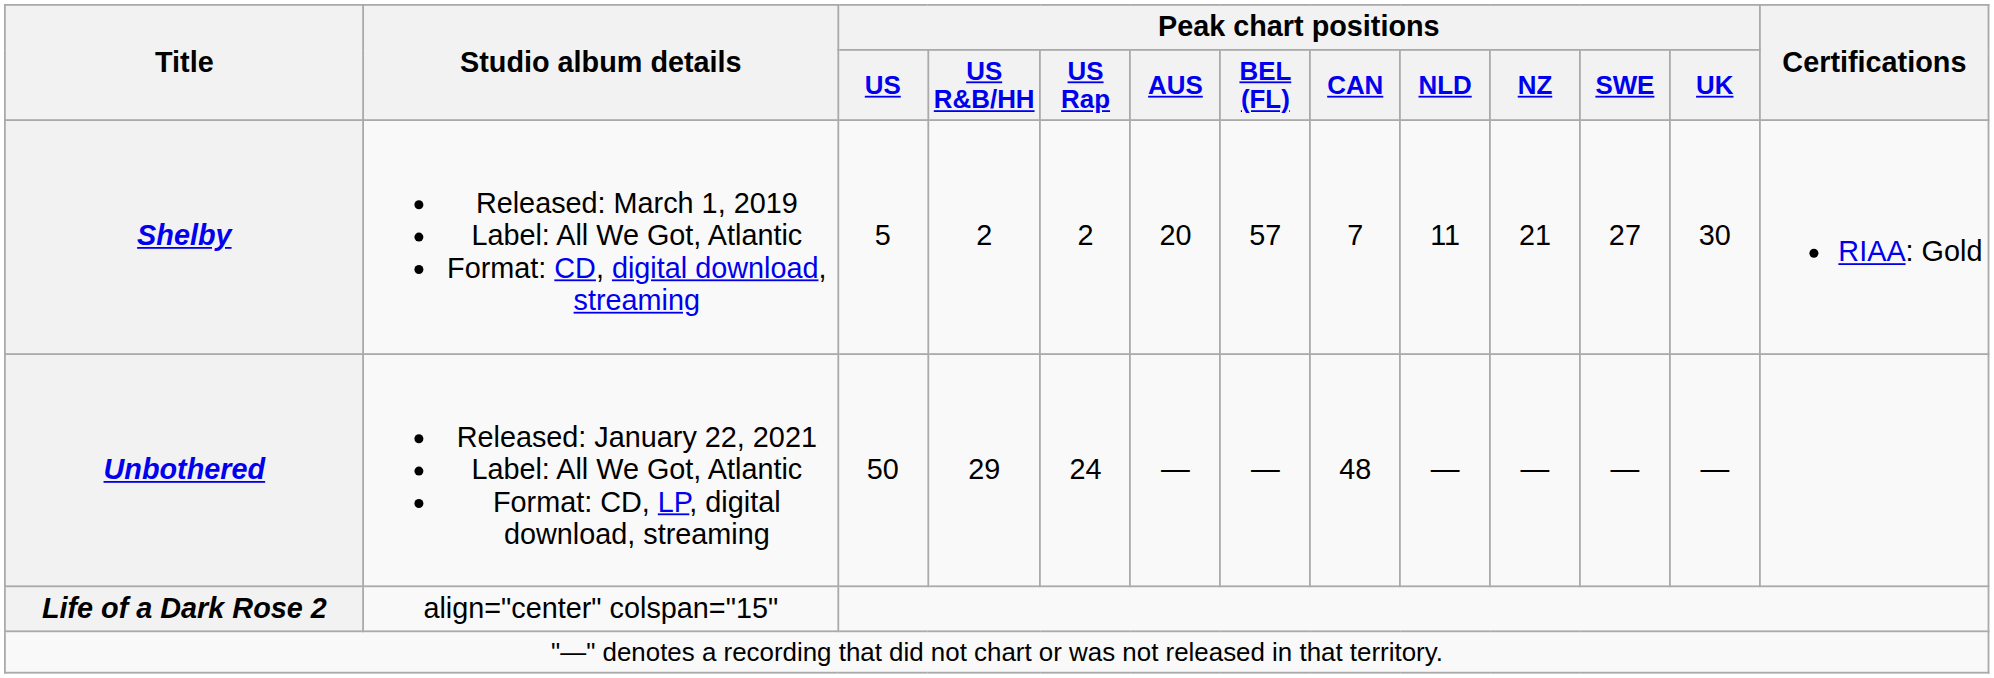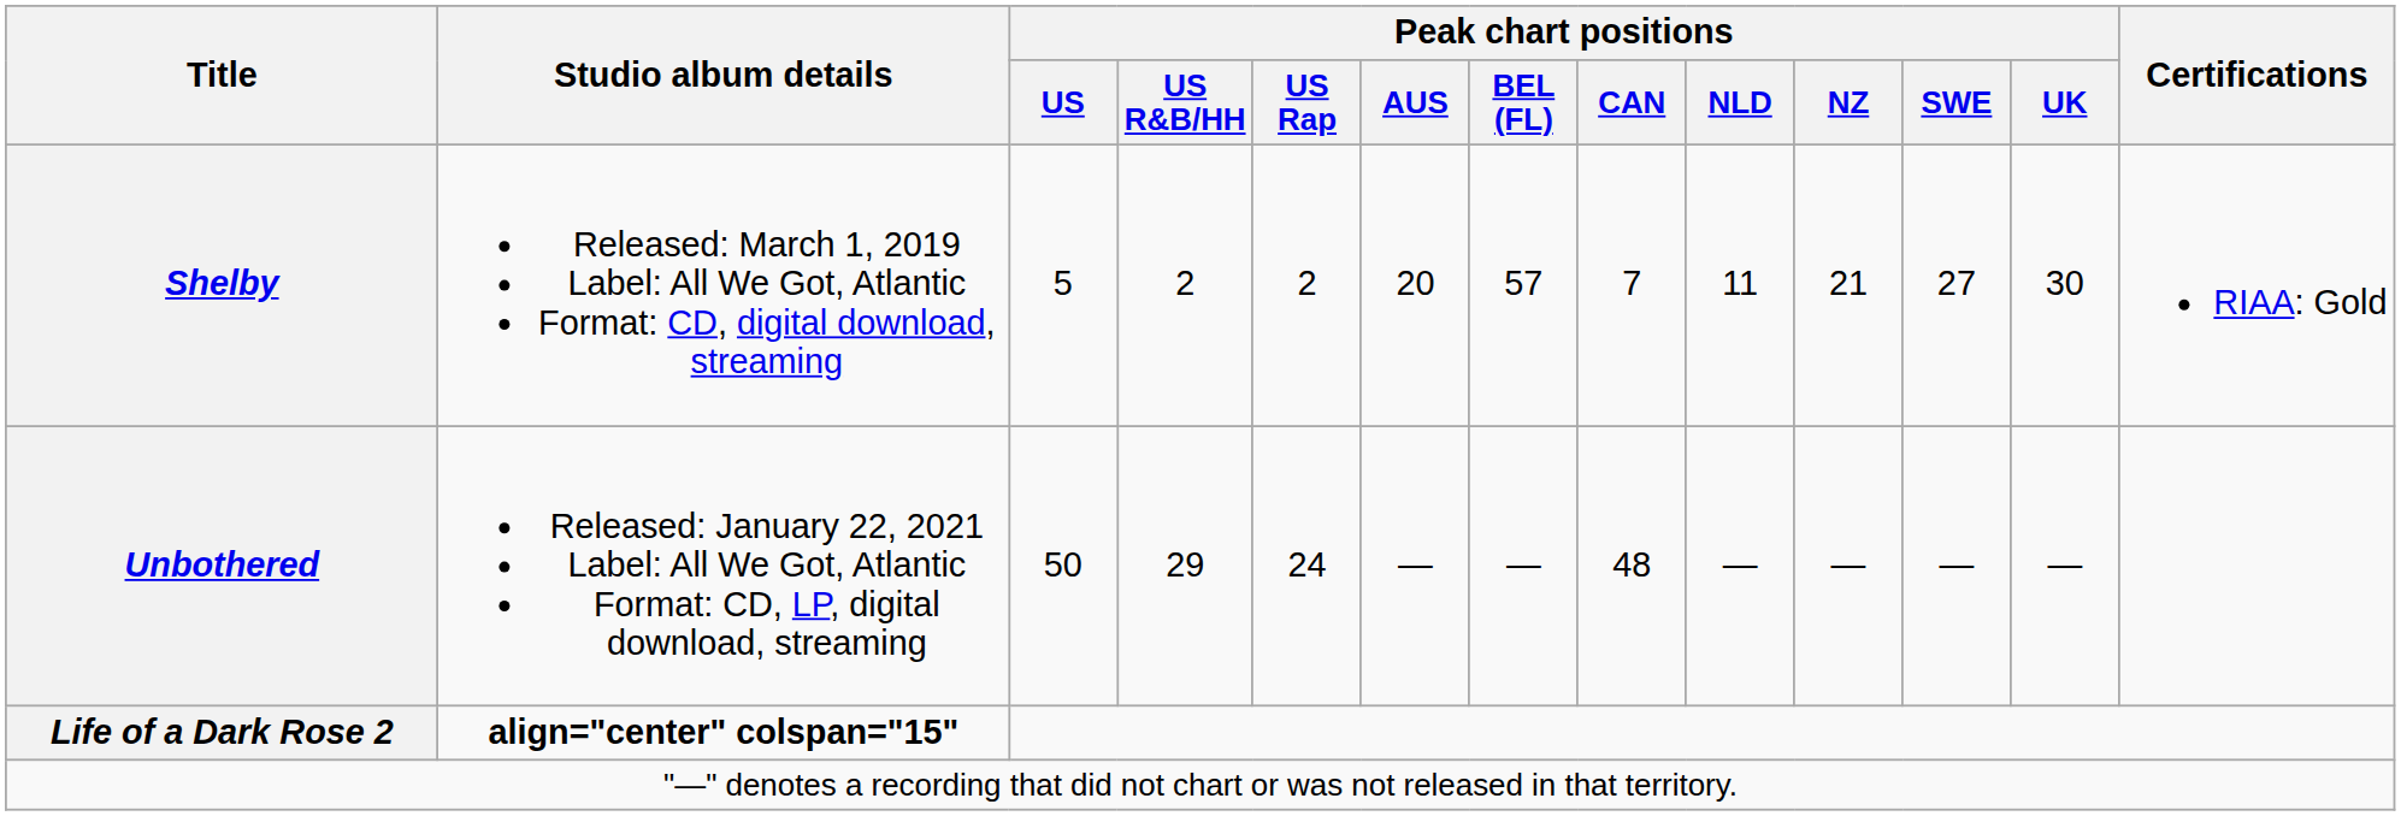 <table class="wikitable plainrowheaders" style="text-align:center;">
 <tr>
 <th scope="col" rowspan="2" style="width:12em;">Title</th>
 <th scope="col" rowspan="2" style="width:16em;">Studio album details</th>
 <th scope="col" colspan="10">Peak chart positions</th>
 <th rowspan="2">Certifications</th>
 </tr>
 <tr>
 <th scope="col" style="width:3em;font-size:90%;"><a href='#'>US</a><br></th>
 <th scope="col" style="width:3em;font-size:90%;"><a href='#'>US<br>R&B/HH</a><br></th>
 <th scope="col" style="width:3em;font-size:90%;"><a href='#'>US<br>Rap</a><br></th>
 <th scope="col" style="width:3em;font-size:90%;"><a href='#'>AUS</a><br></th>
 <th scope="col" style="width:3em;font-size:90%;"><a href='#'>BEL<br>(FL)</a><br></th>
 <th scope="col" style="width:3em;font-size:90%;"><a href='#'>CAN</a><br></th>
 <th scope="col" style="width:3em;font-size:90%;"><a href='#'>NLD</a><br></th>
 <th scope="col" style="width:3em;font-size:90%;"><a href='#'>NZ</a><br></th>
 <th scope="col" style="width:3em;font-size:90%;"><a href='#'>SWE</a><br></th>
 <th scope="col" style="width:3em;font-size:90%;"><a href='#'>UK</a><br></th>
 </tr>
 <tr>
 <th scope="row"><em><a href='#'>Shelby</a></em></th>
 <td><br><ul><li>Released: March 1, 2019</li><li>Label: All We Got, Atlantic</li><li>Format: <a href='#'>CD</a>, <a href='#'>digital download</a>, <a href='#'>streaming</a></li></ul></td>
 <td>5<br></td>
 <td>2<br></td>
 <td>2<br></td>
 <td>20<br></td>
 <td>57</td>
 <td>7<br></td>
 <td>11</td>
 <td>21</td>
 <td>27</td>
 <td>30</td>
 <td><br><ul><li><a href='#'>RIAA</a>: Gold</li></ul></td>
 </tr>
 <tr>
 <th scope="row"><em><a href='#'>Unbothered</a></em></th>
 <td><br><ul><li>Released: January 22, 2021</li><li>Label: All We Got, Atlantic</li><li>Format: CD, <a href='#'>LP</a>, digital download, streaming</li></ul></td>
 <td>50</td>
 <td>29</td>
 <td>24</td>
 <td>—</td>
 <td>—</td>
 <td>48</td>
 <td>—</td>
 <td>—</td>
 <td>—</td>
 <td>—</td>
 <td></td>
 </tr>
 <tr>
 <th scope = 'row'><em>Life of a Dark Rose 2</em></th>
-<td>align="center" colspan="15" </td>
+<td><strong>align="center" colspan="15" </strong></td>
 </tr>
 <tr>
 <td colspan="15" style="font-size:90%">"—" denotes a recording that did not chart or was not released in that territory.</td>
 </tr>
 </table>
